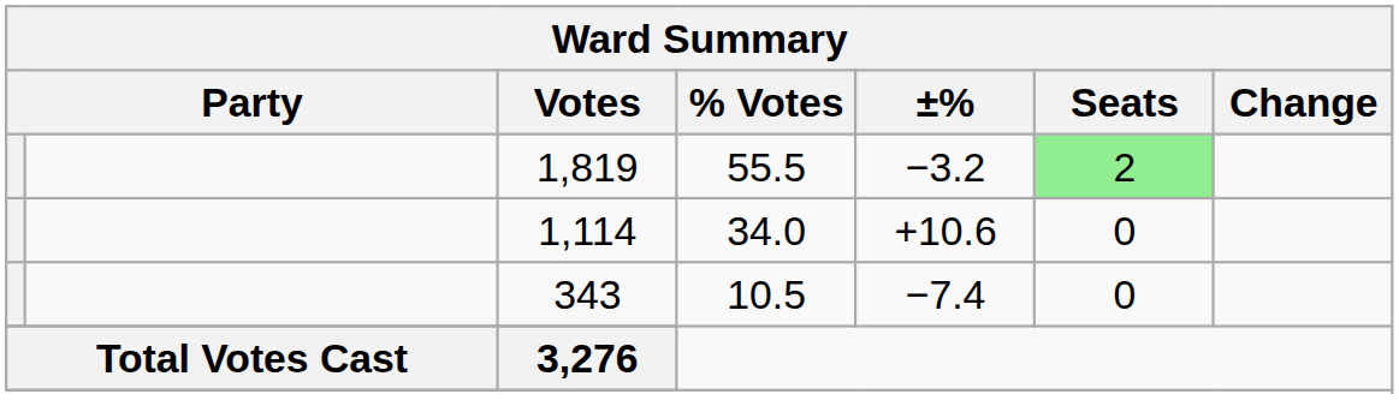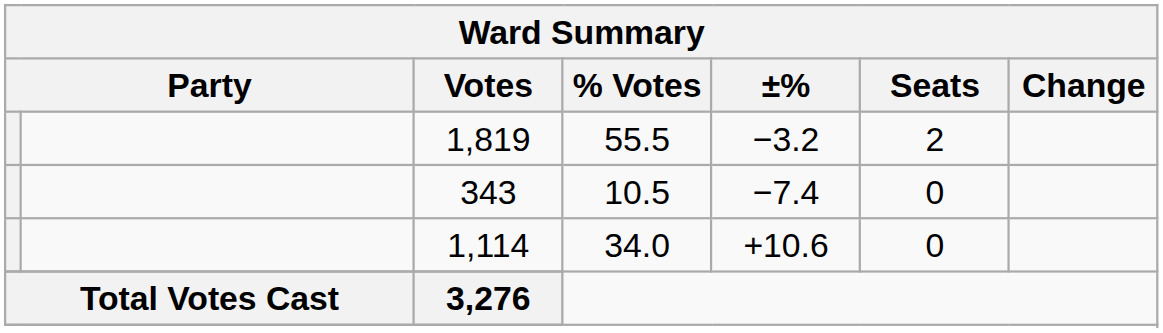 <table class="wikitable" style="font-size: 95%;">
 <tr style="background-color:#E9E9E9">
 <th colspan="7">Ward Summary</th>
 </tr>
 <tr style="background-color:#E9E9E9">
 <th colspan="2">Party</th>
 <th style="width: 60px">Votes</th>
 <th style="width: 60px">% Votes</th>
 <th style="width: 60px">±%</th>
 <th style="width: 60px">Seats</th>
 <th style="width: 60px">Change</th>
 </tr>
 <tr>
 <th style="background-color: "></th>
 <td style="width: 170px"><a href='#'></a></td>
 <td align="center">1,819</td>
 <td align="center">55.5</td>
 <td align="center">−3.2</td>
-<td align="center" style="background: lightgreen;">2</td>
+<td align="center">2</td>
+<td align="center"></td>
+</tr>
+<tr>
+<th style="background-color: "></th>
+<td style="width: 170px"><a href='#'></a></td>
+<td align="center">343</td>
+<td align="center">10.5</td>
+<td align="center">−7.4</td>
+<td align="center">0</td>
 <td align="center"></td>
 </tr>
 <tr>
 <th style="background-color: "></th>
 <td style="width: 170px"><a href='#'></a></td>
 <td align="center">1,114</td>
 <td align="center">34.0</td>
 <td align="center">+10.6</td>
 <td align="center">0</td>
 <td align="center"></td>
 </tr>
 <tr>
-<th style="background-color: "></th>
-<td style="width: 170px"><a href='#'></a></td>
-<td align="center">343</td>
-<td align="center">10.5</td>
-<td align="center">−7.4</td>
-<td align="center">0</td>
-<td align="center"></td>
-</tr>
-<tr>
 </tr>
 <tr style="background-color:#E9E9E9">
 <th colspan="2">Total Votes Cast</th>
 <th style="width: 60px">3,276</th>
 </tr>
 <tr style="background-color:#E9E9E9">
 </tr>
 </table>
